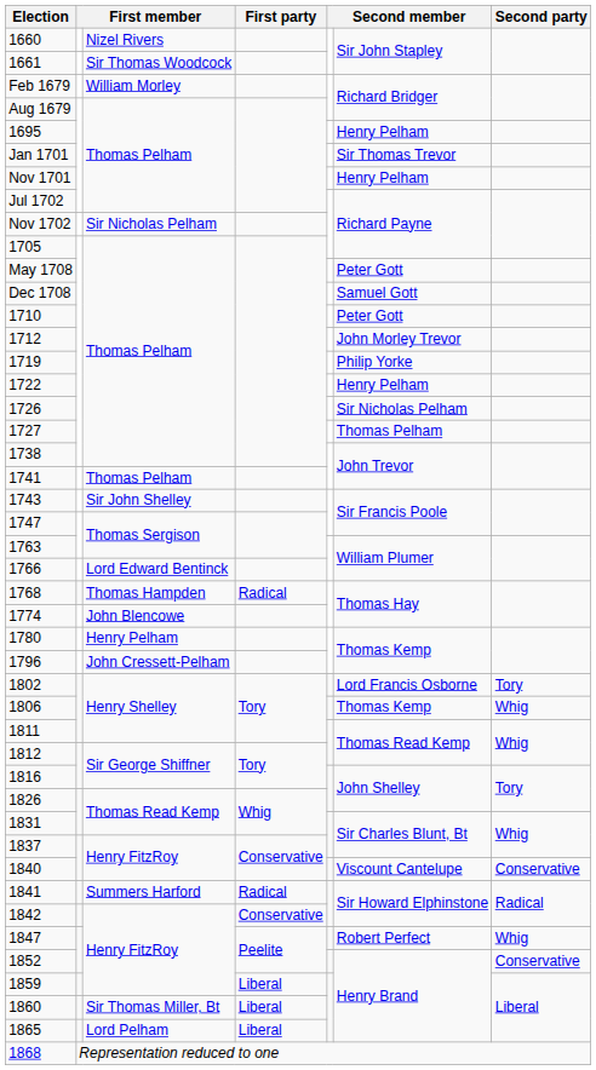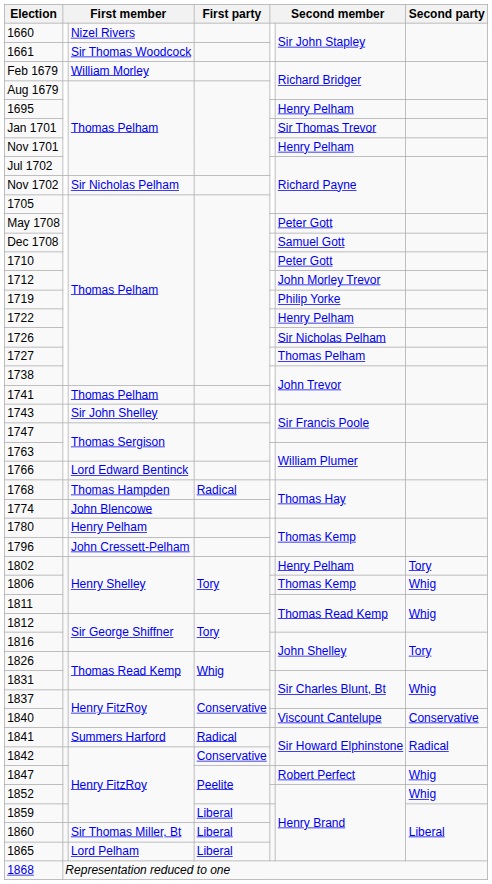 <table class="wikitable">
 <tr>
 <th>Election</th>
 <th colspan="2">First member</th>
 <th>First party</th>
 <th colspan="2">Second member</th>
 <th>Second party</th>
 </tr>
 <tr>
 <td>1660</td>
 <td style="color:inherit;background-color: white"></td>
 <td><a href='#'>Nizel Rivers</a></td>
 <td></td>
 <td rowspan="2" style="color:inherit;background-color: white"></td>
 <td rowspan="2"><a href='#'>Sir John Stapley</a></td>
 <td rowspan="2"></td>
 </tr>
 <tr>
 <td>1661</td>
 <td style="color:inherit;background-color: white"></td>
 <td><a href='#'>Sir Thomas Woodcock</a></td>
 <td></td>
 </tr>
 <tr>
 <td>Feb 1679</td>
 <td style="color:inherit;background-color: white"></td>
 <td><a href='#'>William Morley</a></td>
 <td></td>
 <td rowspan="2" style="color:inherit;background-color: white"></td>
 <td rowspan="2"><a href='#'>Richard Bridger</a></td>
 <td rowspan="2"></td>
 </tr>
 <tr>
 <td>Aug 1679</td>
 <td rowspan="5" style="color:inherit;background-color: white"></td>
 <td rowspan="5"><a href='#'>Thomas Pelham</a></td>
 <td rowspan="5"></td>
 </tr>
 <tr>
 <td>1695</td>
 <td style="color:inherit;background-color: white"></td>
 <td><a href='#'>Henry Pelham</a></td>
 <td></td>
 </tr>
 <tr>
 <td>Jan 1701</td>
 <td style="color:inherit;background-color: white"></td>
 <td><a href='#'>Sir Thomas Trevor</a></td>
 <td></td>
 </tr>
 <tr>
 <td>Nov 1701</td>
 <td style="color:inherit;background-color: white"></td>
 <td><a href='#'>Henry Pelham</a></td>
 <td></td>
 </tr>
 <tr>
 <td>Jul 1702</td>
 <td rowspan="3" style="color:inherit;background-color: white"></td>
 <td rowspan="3"><a href='#'>Richard Payne</a></td>
 <td rowspan="3"></td>
 </tr>
 <tr>
 <td>Nov 1702</td>
 <td style="color:inherit;background-color: white"></td>
 <td><a href='#'>Sir Nicholas Pelham</a></td>
 <td></td>
 </tr>
 <tr>
 <td>1705</td>
 <td rowspan="10" style="color:inherit;background-color: white"></td>
 <td rowspan="10"><a href='#'>Thomas Pelham</a></td>
 <td rowspan="10"></td>
 </tr>
 <tr>
 <td>May 1708</td>
 <td style="color:inherit;background-color: white"></td>
 <td><a href='#'>Peter Gott</a></td>
 <td></td>
 </tr>
 <tr>
 <td>Dec 1708</td>
 <td style="color:inherit;background-color: white"></td>
 <td><a href='#'>Samuel Gott</a></td>
 <td></td>
 </tr>
 <tr>
 <td>1710</td>
 <td style="color:inherit;background-color: white"></td>
 <td><a href='#'>Peter Gott</a></td>
 <td></td>
 </tr>
 <tr>
 <td>1712</td>
 <td style="color:inherit;background-color: white"></td>
 <td><a href='#'>John Morley Trevor</a></td>
 <td></td>
 </tr>
 <tr>
 <td>1719</td>
 <td style="color:inherit;background-color: white"></td>
 <td><a href='#'>Philip Yorke</a></td>
 <td></td>
 </tr>
 <tr>
 <td>1722</td>
 <td style="color:inherit;background-color: white"></td>
 <td><a href='#'>Henry Pelham</a></td>
 <td></td>
 </tr>
 <tr>
 <td>1726</td>
 <td style="color:inherit;background-color: white"></td>
 <td><a href='#'>Sir Nicholas Pelham</a></td>
 <td></td>
 </tr>
 <tr>
 <td>1727</td>
 <td style="color:inherit;background-color: white"></td>
 <td><a href='#'>Thomas Pelham</a></td>
 <td></td>
 </tr>
 <tr>
 <td>1738</td>
 <td rowspan="2" style="color:inherit;background-color: white"></td>
 <td rowspan="2"><a href='#'>John Trevor</a></td>
 <td rowspan="2"></td>
 </tr>
 <tr>
 <td>1741</td>
 <td style="color:inherit;background-color: white"></td>
 <td><a href='#'>Thomas Pelham</a></td>
 <td></td>
 </tr>
 <tr>
 <td>1743</td>
 <td style="color:inherit;background-color: white"></td>
 <td><a href='#'>Sir John Shelley</a></td>
 <td></td>
 <td rowspan="2" style="color:inherit;background-color: white"></td>
 <td rowspan="2"><a href='#'>Sir Francis Poole</a></td>
 <td rowspan="2"></td>
 </tr>
 <tr>
 <td>1747</td>
 <td rowspan="2" style="color:inherit;background-color: white"></td>
 <td rowspan="2"><a href='#'>Thomas Sergison</a></td>
 <td rowspan="2"></td>
 </tr>
 <tr>
 <td>1763</td>
 <td rowspan="2" style="color:inherit;background-color: white"></td>
 <td rowspan="2"><a href='#'>William Plumer</a></td>
 <td rowspan="2"></td>
 </tr>
 <tr>
 <td>1766</td>
 <td style="color:inherit;background-color: white"></td>
 <td><a href='#'>Lord Edward Bentinck</a></td>
 <td></td>
 </tr>
 <tr>
 <td>1768</td>
 <td rowspan="1" style="color:inherit;background-color: "></td>
 <td><a href='#'>Thomas Hampden</a></td>
 <td><a href='#'>Radical</a></td>
 <td rowspan="2" style="color:inherit;background-color: white"></td>
 <td rowspan="2"><a href='#'>Thomas Hay</a></td>
 <td rowspan="2"></td>
 </tr>
 <tr>
 <td>1774</td>
 <td style="color:inherit;background-color: white"></td>
 <td><a href='#'>John Blencowe</a></td>
 <td></td>
 </tr>
 <tr>
 <td>1780</td>
 <td style="color:inherit;background-color: white"></td>
 <td><a href='#'>Henry Pelham</a></td>
 <td></td>
 <td rowspan="2" style="color:inherit;background-color: white"></td>
 <td rowspan="2"><a href='#'>Thomas Kemp</a></td>
 <td rowspan="2"></td>
 </tr>
 <tr>
 <td>1796</td>
 <td style="color:inherit;background-color: white"></td>
 <td><a href='#'>John Cressett-Pelham</a></td>
 <td></td>
 </tr>
 <tr>
 <td>1802</td>
 <td rowspan="3" style="color:inherit;background-color: "></td>
 <td rowspan="3"><a href='#'>Henry Shelley</a></td>
 <td rowspan="3"><a href='#'>Tory</a></td>
 <td style="color:inherit;background-color: "></td>
-<td><a href='#'>Lord Francis Osborne</a></td>
+<td><a href='#'>Henry Pelham</a></td>
 <td><a href='#'>Tory</a></td>
 </tr>
 <tr>
 <td>1806</td>
 <td style="color:inherit;background-color: "></td>
 <td><a href='#'>Thomas Kemp</a></td>
 <td><a href='#'>Whig</a></td>
 </tr>
 <tr>
 <td>1811</td>
 <td rowspan="2" style="color:inherit;background-color: "></td>
 <td rowspan="2"><a href='#'>Thomas Read Kemp</a></td>
 <td rowspan="2"><a href='#'>Whig</a></td>
 </tr>
 <tr>
 <td>1812</td>
 <td rowspan="2" style="color:inherit;background-color: "></td>
 <td rowspan="2"><a href='#'>Sir George Shiffner</a></td>
 <td rowspan="2"><a href='#'>Tory</a></td>
 </tr>
 <tr>
 <td>1816</td>
 <td rowspan="2" style="color:inherit;background-color: "></td>
 <td rowspan="2"><a href='#'>John Shelley</a></td>
 <td rowspan="2"><a href='#'>Tory</a></td>
 </tr>
 <tr>
 <td>1826</td>
 <td rowspan="2" style="color:inherit;background-color: "></td>
 <td rowspan="2"><a href='#'>Thomas Read Kemp</a></td>
 <td rowspan="2"><a href='#'>Whig</a></td>
 </tr>
 <tr>
 <td>1831</td>
 <td rowspan="2" style="color:inherit;background-color: "></td>
 <td rowspan="2"><a href='#'>Sir Charles Blunt, Bt</a></td>
 <td rowspan="2"><a href='#'>Whig</a></td>
 </tr>
 <tr>
 <td>1837</td>
 <td rowspan="2" style="color:inherit;background-color: "></td>
 <td rowspan="2"><a href='#'>Henry FitzRoy</a></td>
 <td rowspan="2"><a href='#'>Conservative</a></td>
 </tr>
 <tr>
 <td>1840</td>
 <td style="color:inherit;background-color: "></td>
 <td><a href='#'>Viscount Cantelupe</a></td>
 <td><a href='#'>Conservative</a></td>
 </tr>
 <tr>
 <td>1841</td>
 <td style="color:inherit;background-color: "></td>
 <td><a href='#'>Summers Harford</a></td>
 <td><a href='#'>Radical</a></td>
 <td rowspan="2" style="color:inherit;background-color: "></td>
 <td rowspan="2"><a href='#'>Sir Howard Elphinstone</a></td>
 <td rowspan="2"><a href='#'>Radical</a></td>
 </tr>
 <tr>
 <td>1842</td>
 <td style="color:inherit;background-color: "></td>
 <td rowspan="4"><a href='#'>Henry FitzRoy</a></td>
 <td><a href='#'>Conservative</a></td>
 </tr>
 <tr>
 <td>1847</td>
 <td rowspan="2" style="color:inherit;background-color: "></td>
 <td rowspan="2"><a href='#'>Peelite</a></td>
 <td style="color:inherit;background-color: "></td>
 <td><a href='#'>Robert Perfect</a></td>
 <td><a href='#'>Whig</a></td>
 </tr>
 <tr>
 <td>1852</td>
 <td style="color:inherit;background-color: "></td>
 <td rowspan="4"><a href='#'>Henry Brand</a></td>
-<td><a href='#'>Conservative</a></td>
+<td><a href='#'>Whig</a></td>
 </tr>
 <tr>
 <td>1859</td>
 <td style="color:inherit;background-color: "></td>
 <td><a href='#'>Liberal</a></td>
 <td rowspan="3" style="color:inherit;background-color: "></td>
 <td rowspan="3"><a href='#'>Liberal</a></td>
 </tr>
 <tr>
 <td>1860</td>
 <td style="color:inherit;background-color: "></td>
 <td><a href='#'>Sir Thomas Miller, Bt</a></td>
 <td><a href='#'>Liberal</a></td>
 </tr>
 <tr>
 <td>1865</td>
 <td style="color:inherit;background-color: "></td>
 <td><a href='#'>Lord Pelham</a></td>
 <td><a href='#'>Liberal</a></td>
 </tr>
 <tr>
 <td><a href='#'>1868</a></td>
 <td colspan="6"><em>Representation reduced to one</em></td>
 </tr>
 </table>
